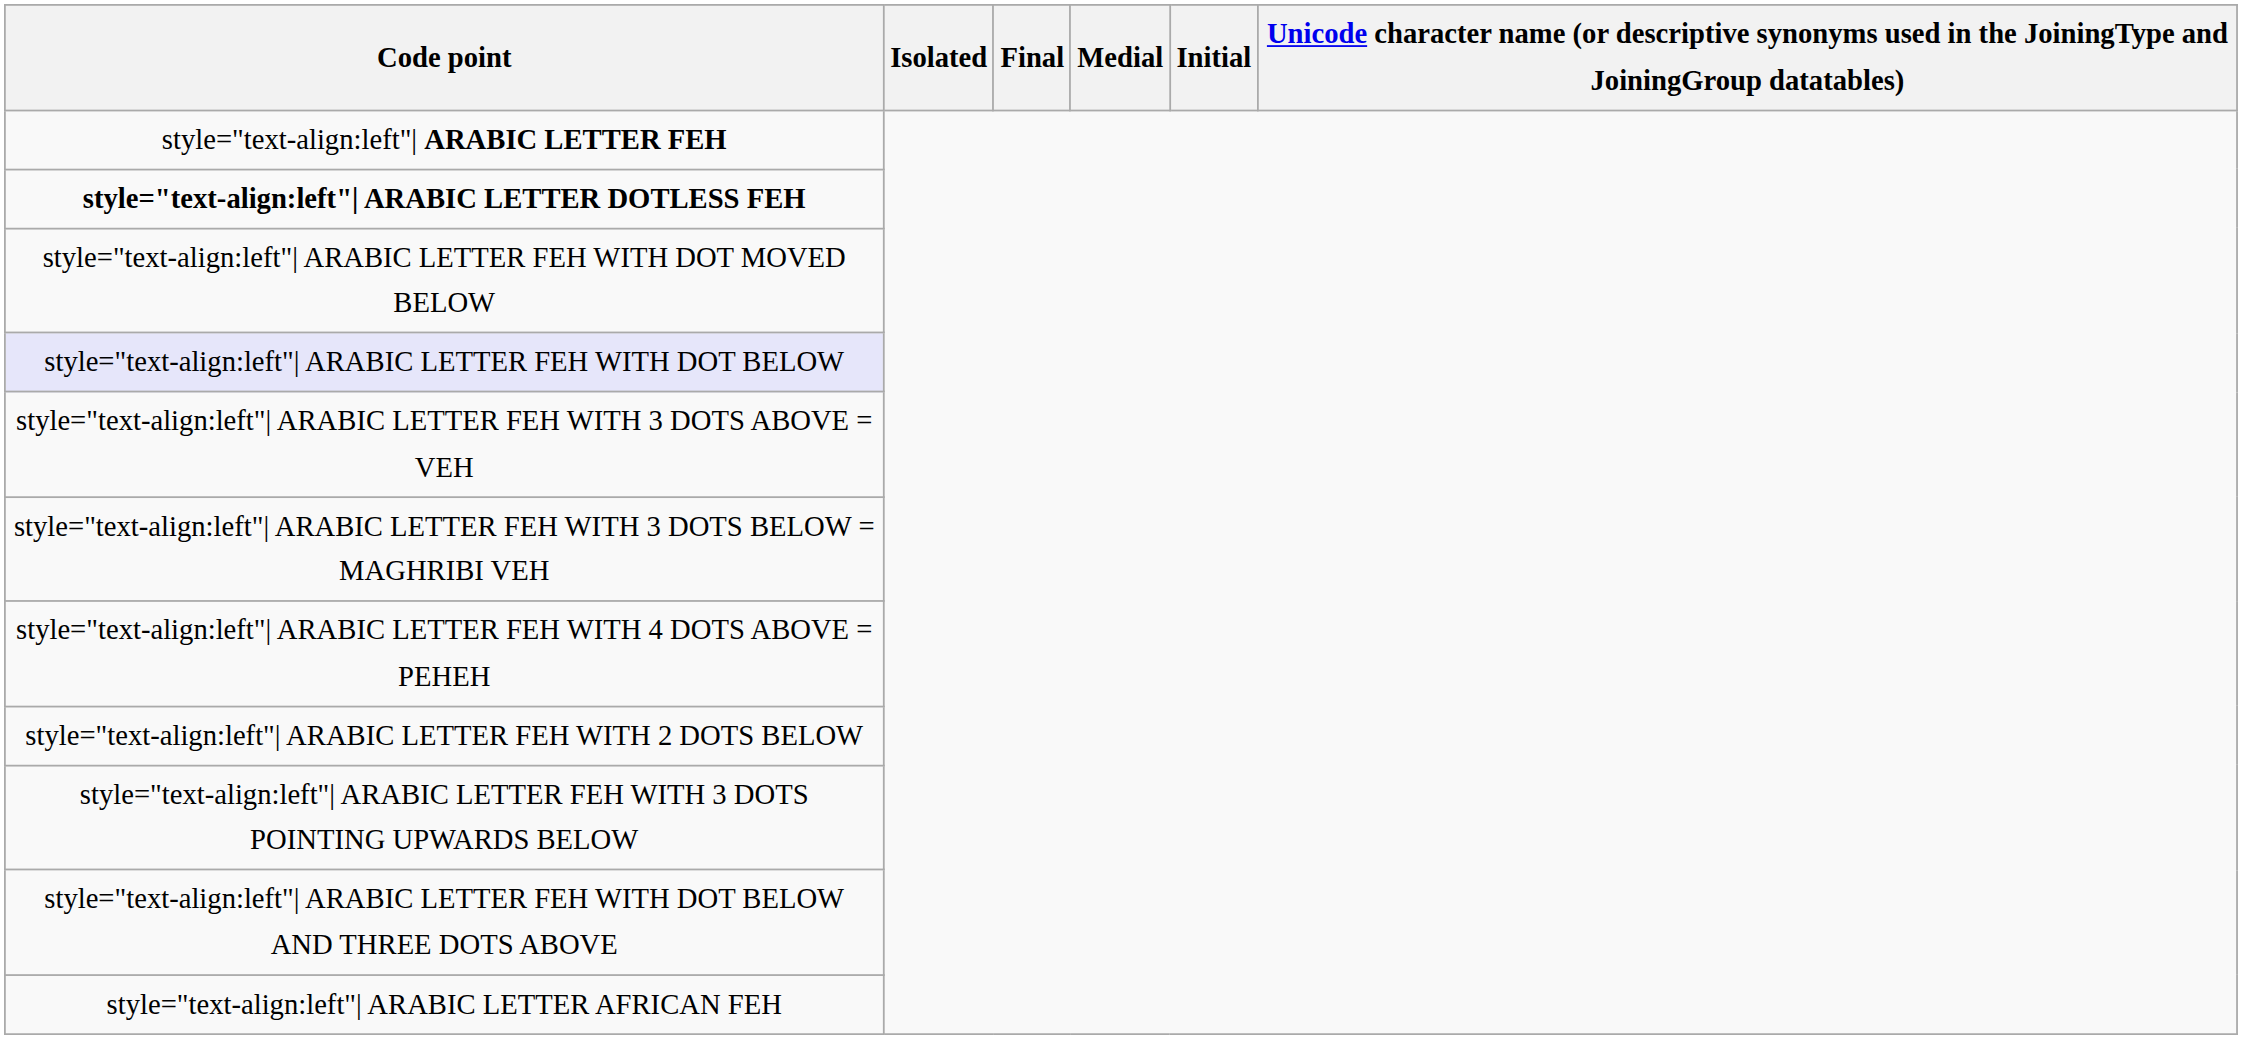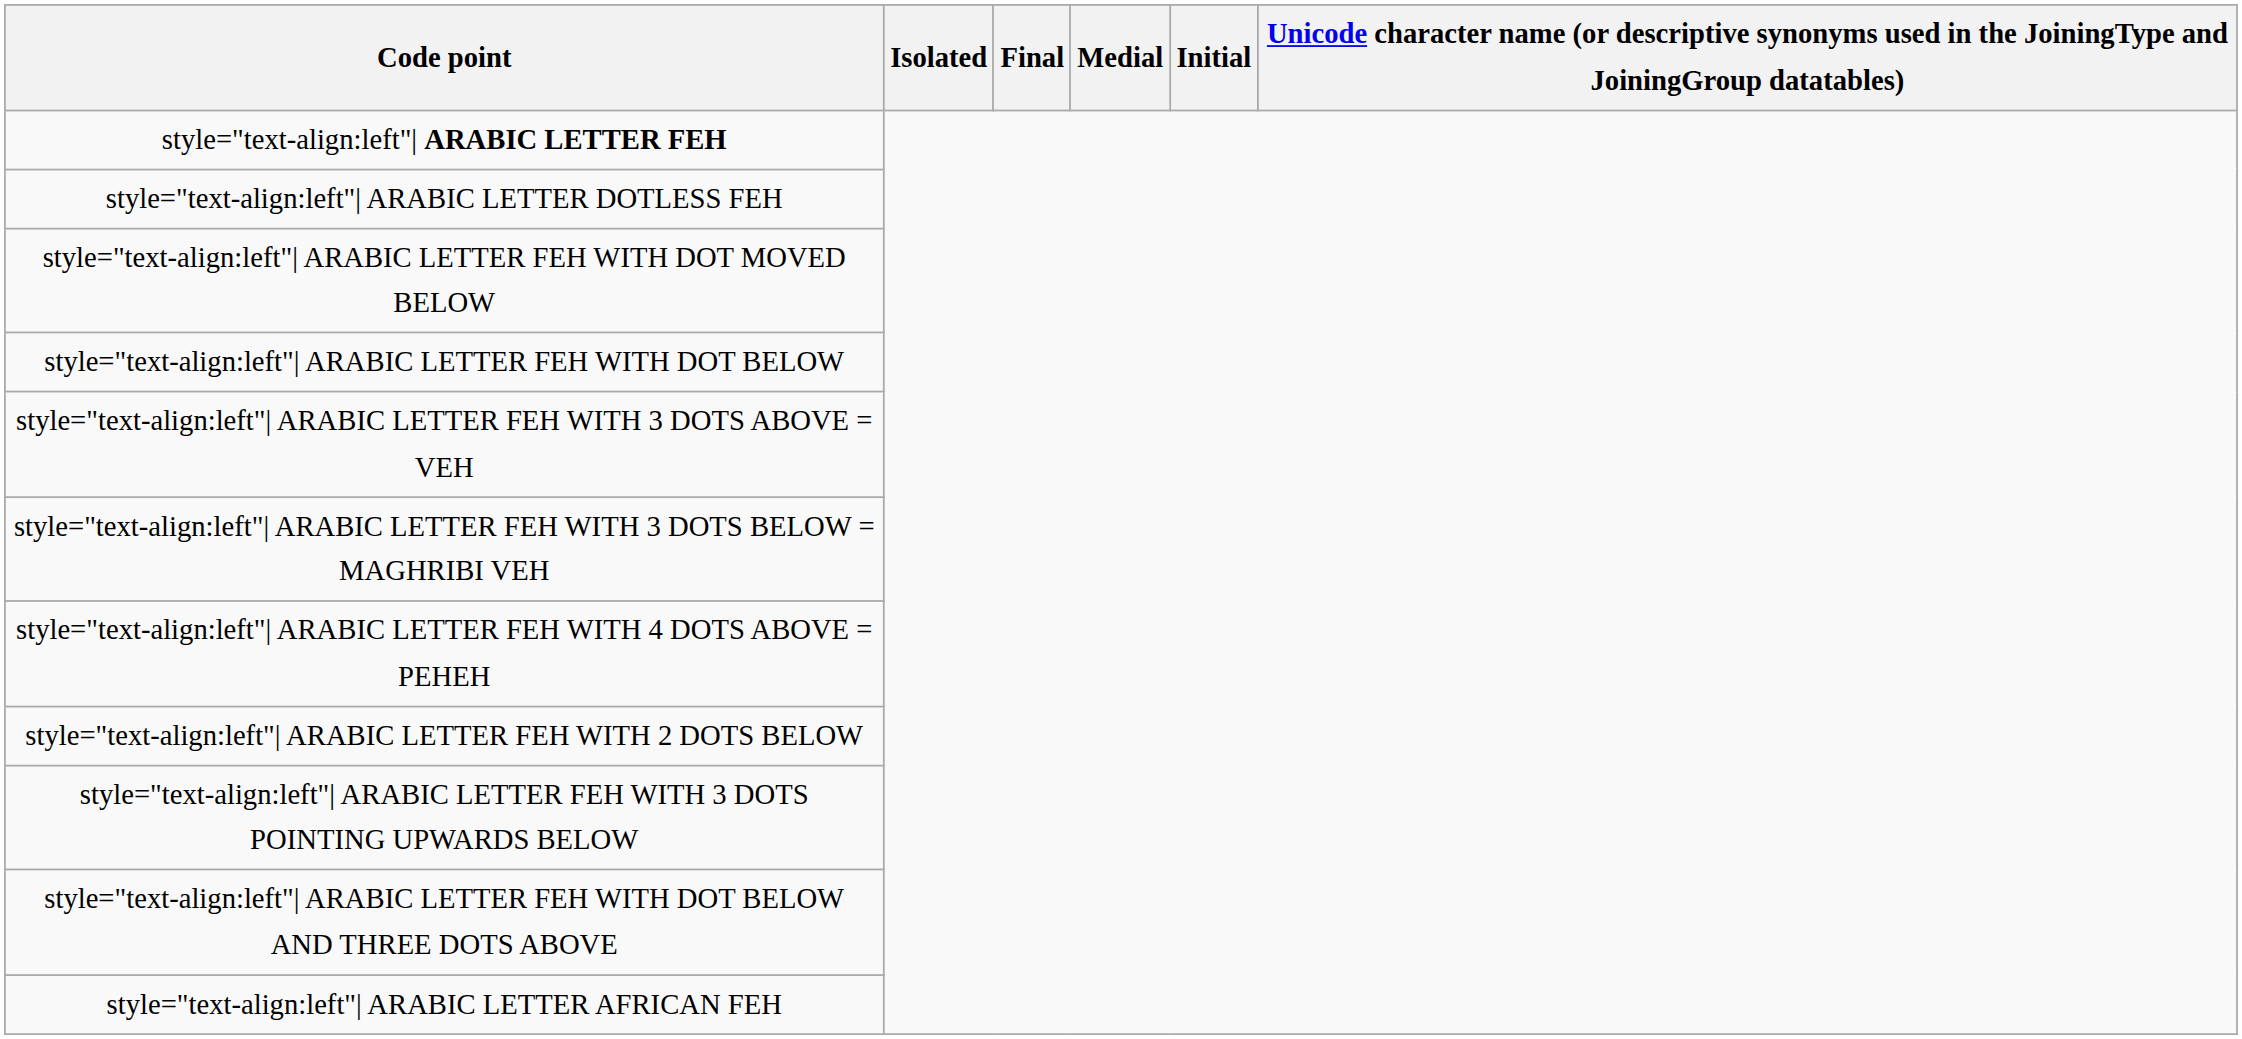 <table class="wikitable" style="line-height:1.6;text-align:center">
 <tr>
 <th scope="col">Code point</th>
 <th scope="col">Isolated</th>
 <th scope="col">Final</th>
 <th scope="col">Medial</th>
 <th scope="col">Initial</th>
 <th scope="col"><a href='#'>Unicode</a> character name (or descriptive synonyms used in the JoiningType and JoiningGroup datatables)</th>
 </tr>
 <tr>
 <td>style="text-align:left"| <strong>ARABIC LETTER FEH</strong></td>
 </tr>
 <tr>
-<td><strong>style="text-align:left"| ARABIC LETTER DOTLESS FEH</strong></td>
+<td>style="text-align:left"| ARABIC LETTER DOTLESS FEH</td>
 </tr>
 <tr>
 <td>style="text-align:left"| ARABIC LETTER FEH WITH DOT MOVED BELOW</td>
 </tr>
 <tr>
-<td style="background: lavender;">style="text-align:left"| ARABIC LETTER FEH WITH DOT BELOW</td>
+<td>style="text-align:left"| ARABIC LETTER FEH WITH DOT BELOW</td>
 </tr>
 <tr>
 <td>style="text-align:left"| ARABIC LETTER FEH WITH 3 DOTS ABOVE = VEH</td>
 </tr>
 <tr>
 <td>style="text-align:left"| ARABIC LETTER FEH WITH 3 DOTS BELOW = MAGHRIBI VEH</td>
 </tr>
 <tr>
 <td>style="text-align:left"| ARABIC LETTER FEH WITH 4 DOTS ABOVE = PEHEH</td>
 </tr>
 <tr>
 <td>style="text-align:left"| ARABIC LETTER FEH WITH 2 DOTS BELOW</td>
 </tr>
 <tr>
 <td>style="text-align:left"| ARABIC LETTER FEH WITH 3 DOTS POINTING UPWARDS BELOW</td>
 </tr>
 <tr>
 <td>style="text-align:left"| ARABIC LETTER FEH WITH DOT BELOW AND THREE DOTS ABOVE</td>
 </tr>
 <tr>
 <td>style="text-align:left"| ARABIC LETTER AFRICAN FEH</td>
 </tr>
 </table>
